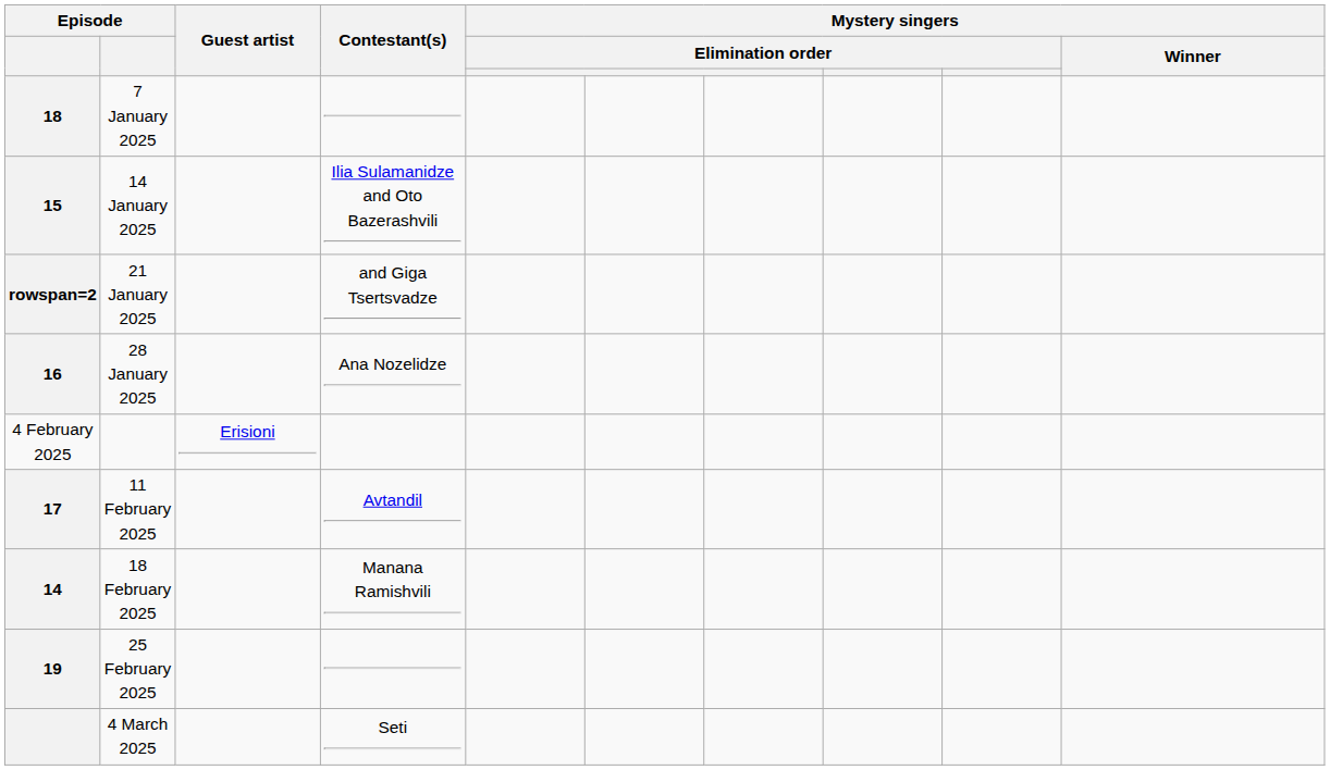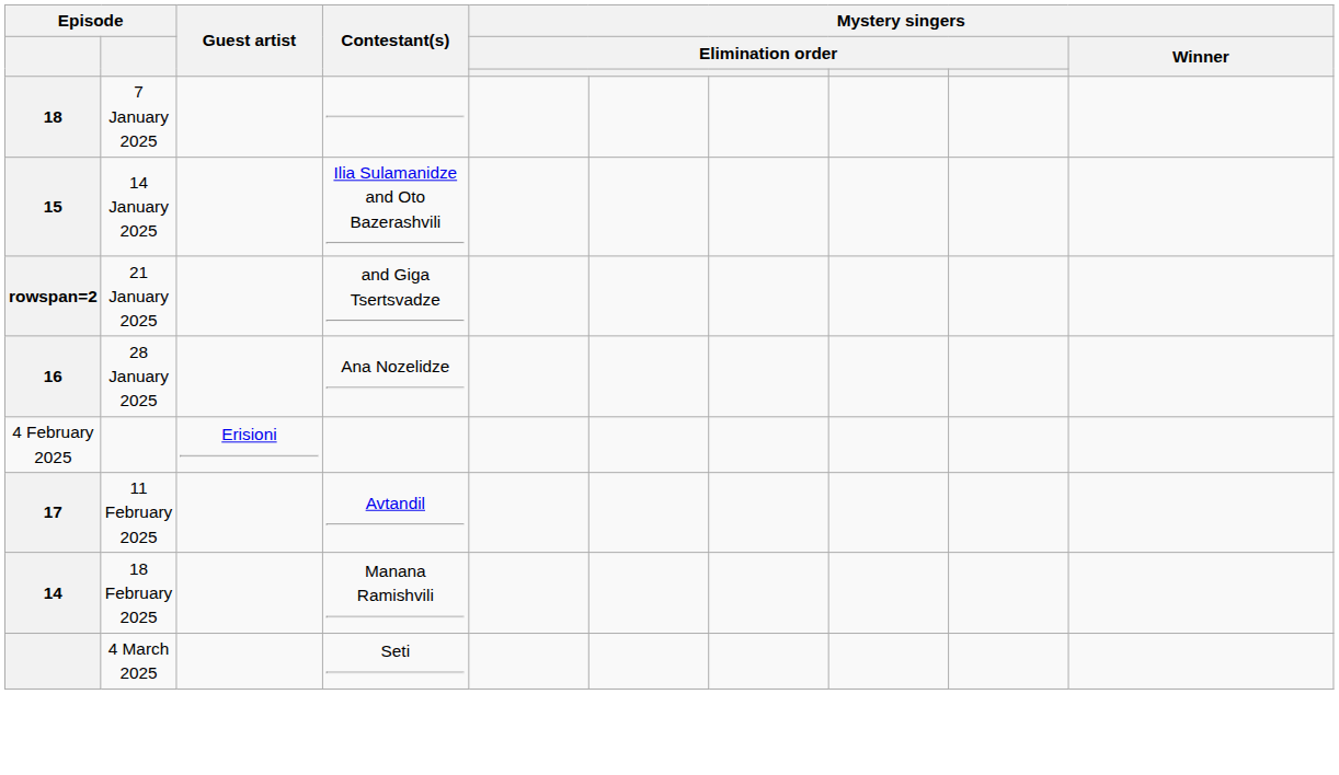 <table class="wikitable plainrowheaders mw-collapsible" style="text-align:center; line-height:23px; width:100%;">
 <tr>
 <th colspan="2" width="1%">Episode</th>
 <th rowspan="3" width="11%">Guest artist</th>
 <th rowspan="3" width="11%">Contestant(s)</th>
 <th colspan="6">Mystery singers<br></th>
 </tr>
 <tr>
 <th rowspan="2"></th>
 <th rowspan="2"></th>
 <th colspan="5">Elimination order</th>
 <th rowspan="2">Winner</th>
 </tr>
 <tr>
 <th colspan="3"></th>
 <th></th>
 <th></th>
 </tr>
 <tr>
 <th>18</th>
 <td>7 January 2025</td>
 <td><em></em></td>
 <td><hr></td>
 <td></td>
 <td></td>
 <td></td>
 <td></td>
 <td></td>
 <td></td>
 </tr>
 <tr>
 <th>15</th>
 <td>14 January 2025</td>
 <td><em></em></td>
 <td><a href='#'>Ilia Sulamanidze</a> and Oto Bazerashvili<hr></td>
 <td></td>
 <td></td>
 <td></td>
 <td></td>
 <td></td>
 <td></td>
 </tr>
 <tr>
 <th>rowspan=2 </th>
 <td>21 January 2025</td>
 <td></td>
 <td> and Giga Tsertsvadze<hr></td>
 <td></td>
 <td></td>
 <td></td>
 <td></td>
 <td></td>
 <td></td>
 </tr>
 <tr>
 <th>16</th>
 <td>28 January 2025</td>
 <td></td>
 <td>Ana Nozelidze<hr></td>
 <td></td>
 <td></td>
 <td></td>
 <td></td>
 <td></td>
 <td></td>
 </tr>
 <tr>
 <td>4 February 2025</td>
 <td></td>
 <td><a href='#'>Erisioni</a><br><hr></td>
 <td></td>
 <td></td>
 <td></td>
 <td></td>
 <td></td>
 <td></td>
 </tr>
 <tr>
 <th>17</th>
 <td>11 February 2025</td>
 <td></td>
 <td><a href='#'>Avtandil</a><hr></td>
 <td></td>
 <td></td>
 <td></td>
 <td></td>
 <td></td>
 <td></td>
 </tr>
 <tr>
 <th>14</th>
 <td>18 February 2025</td>
 <td></td>
 <td>Manana Ramishvili<hr></td>
 <td></td>
 <td></td>
 <td></td>
 <td></td>
 <td></td>
 <td></td>
 </tr>
 <tr>
-<th>19</th>
-<td>25 February 2025</td>
-<td></td>
-<td><hr></td>
-<td></td>
-<td></td>
-<td></td>
-<td></td>
-<td></td>
-<td></td>
-</tr>
-<tr>
 <th></th>
 <td>4 March 2025</td>
 <td><em></em></td>
 <td>Seti<hr></td>
 <td></td>
 <td></td>
 <td></td>
 <td></td>
 <td></td>
 <td></td>
 </tr>
 </table>
